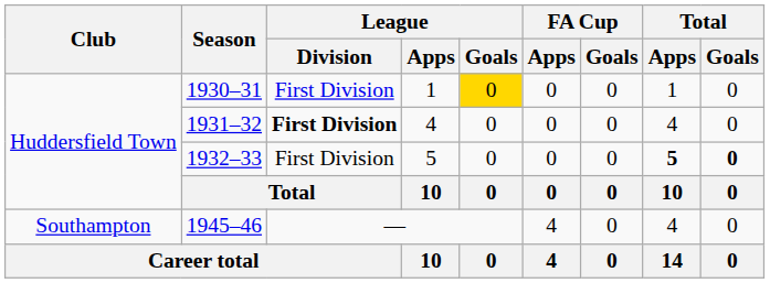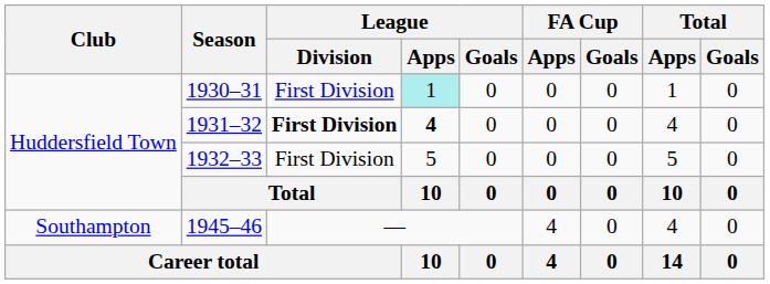 <table class="wikitable" style="text-align: center;">
 <tr>
 <th rowspan="2">Club</th>
 <th rowspan="2">Season</th>
 <th colspan="3">League</th>
 <th colspan="2">FA Cup</th>
 <th colspan="2">Total</th>
 </tr>
 <tr>
 <th>Division</th>
 <th>Apps</th>
 <th>Goals</th>
 <th>Apps</th>
 <th>Goals</th>
 <th>Apps</th>
 <th>Goals</th>
 </tr>
 <tr>
 <td rowspan="4"><a href='#'>Huddersfield Town</a></td>
 <td><a href='#'>1930–31</a></td>
 <td><a href='#'>First Division</a></td>
-<td>1</td>
-<td style="background: gold;">0</td>
+<td style="background: paleturquoise;">1</td>
+<td>0</td>
 <td>0</td>
 <td>0</td>
 <td>1</td>
 <td>0</td>
 </tr>
 <tr>
 <td><a href='#'>1931–32</a></td>
 <td><strong>First Division</strong></td>
-<td>4</td>
+<td><strong>4</strong></td>
 <td>0</td>
 <td>0</td>
 <td>0</td>
 <td>4</td>
 <td>0</td>
 </tr>
 <tr>
 <td><a href='#'>1932–33</a></td>
 <td>First Division</td>
 <td>5</td>
 <td>0</td>
 <td>0</td>
 <td>0</td>
-<td><strong>5</strong></td>
-<td><strong>0</strong></td>
+<td>5</td>
+<td>0</td>
 </tr>
 <tr>
 <th colspan="2">Total</th>
 <th>10</th>
 <th>0</th>
 <th>0</th>
 <th>0</th>
 <th>10</th>
 <th>0</th>
 </tr>
 <tr>
 <td><a href='#'>Southampton</a></td>
 <td><a href='#'>1945–46</a></td>
 <td colspan="3">―</td>
 <td>4</td>
 <td>0</td>
 <td>4</td>
 <td>0</td>
 </tr>
 <tr>
 <th colspan="3">Career total</th>
 <th>10</th>
 <th>0</th>
 <th>4</th>
 <th>0</th>
 <th>14</th>
 <th>0</th>
 </tr>
 </table>
